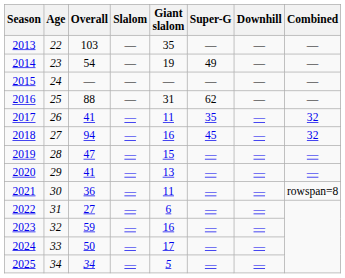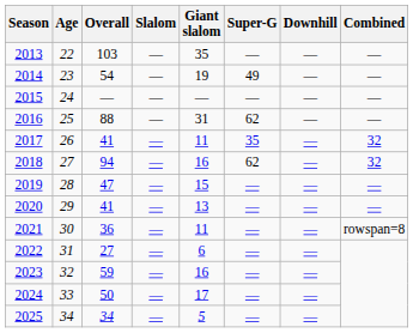 <table class="wikitable" style="text-align:center">
 <tr>
 <th>Season</th>
 <th>Age</th>
 <th>Overall</th>
 <th>Slalom</th>
 <th>Giant<br>slalom</th>
 <th>Super-G</th>
 <th>Downhill</th>
 <th>Combined</th>
 </tr>
 <tr>
 <td><a href='#'>2013</a></td>
 <td><em>22</em></td>
 <td>103</td>
 <td>—</td>
 <td>35</td>
 <td>—</td>
 <td>—</td>
 <td>—</td>
 </tr>
 <tr>
 <td><a href='#'>2014</a></td>
 <td><em>23</em></td>
 <td>54</td>
 <td>—</td>
 <td>19</td>
 <td>49</td>
 <td>—</td>
 <td>—</td>
 </tr>
 <tr>
 <td><a href='#'>2015</a></td>
 <td><em>24</em></td>
 <td>—</td>
 <td>—</td>
 <td>—</td>
 <td>—</td>
 <td>—</td>
 <td>—</td>
 </tr>
 <tr>
 <td><a href='#'>2016</a></td>
 <td><em>25</em></td>
 <td>88</td>
 <td>—</td>
 <td>31</td>
 <td>62</td>
 <td>—</td>
 <td>—</td>
 </tr>
 <tr>
 <td><a href='#'>2017</a></td>
 <td><em>26</em></td>
 <td><a href='#'>41</a></td>
 <td><a href='#'>—</a></td>
 <td><a href='#'>11</a></td>
 <td><a href='#'>35</a></td>
 <td><a href='#'>—</a></td>
 <td><a href='#'>32</a></td>
 </tr>
 <tr>
 <td><a href='#'>2018</a></td>
 <td><em>27</em></td>
 <td><a href='#'>94</a></td>
 <td><a href='#'>—</a></td>
 <td><a href='#'>16</a></td>
-<td><a href='#'>45</a></td>
+<td>62</td>
 <td><a href='#'>—</a></td>
 <td><a href='#'>32</a></td>
 </tr>
 <tr>
 <td><a href='#'>2019</a></td>
 <td><em>28</em></td>
 <td><a href='#'>47</a></td>
 <td><a href='#'>—</a></td>
 <td><a href='#'>15</a></td>
 <td><a href='#'>—</a></td>
 <td><a href='#'>—</a></td>
 <td><a href='#'>—</a></td>
 </tr>
 <tr>
 <td><a href='#'>2020</a></td>
 <td><em>29</em></td>
 <td><a href='#'>41</a></td>
 <td><a href='#'>—</a></td>
 <td><a href='#'>13</a></td>
 <td><a href='#'>—</a></td>
 <td><a href='#'>—</a></td>
 <td><a href='#'>—</a></td>
 </tr>
 <tr>
 <td><a href='#'>2021</a></td>
 <td><em>30</em></td>
 <td><a href='#'>36</a></td>
 <td><a href='#'>—</a></td>
 <td><a href='#'>11</a></td>
 <td><a href='#'>—</a></td>
 <td><a href='#'>—</a></td>
 <td>rowspan=8 </td>
 </tr>
 <tr>
 <td><a href='#'>2022</a></td>
 <td><em>31</em></td>
 <td><a href='#'>27</a></td>
 <td><a href='#'>—</a></td>
 <td><a href='#'>6</a></td>
 <td><a href='#'>—</a></td>
 <td><a href='#'>—</a></td>
 </tr>
 <tr>
 <td><a href='#'>2023</a></td>
 <td><em>32</em></td>
 <td><a href='#'>59</a></td>
 <td><a href='#'>—</a></td>
 <td><a href='#'>16</a></td>
 <td><a href='#'>—</a></td>
 <td><a href='#'>—</a></td>
 </tr>
 <tr>
 <td><a href='#'>2024</a></td>
 <td><em>33</em></td>
 <td><a href='#'>50</a></td>
 <td><a href='#'>—</a></td>
 <td><a href='#'>17</a></td>
 <td><a href='#'>—</a></td>
 <td><a href='#'>—</a></td>
 </tr>
 <tr>
 <td><a href='#'>2025</a></td>
 <td><em>34</em></td>
 <td><a href='#'><em>34</em></a></td>
 <td><a href='#'>—</a></td>
 <td><a href='#'><em>5</em></a></td>
 <td><a href='#'>—</a></td>
 <td><a href='#'>—</a></td>
 </tr>
 </table>
